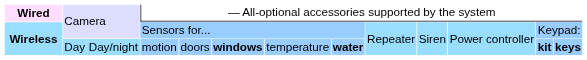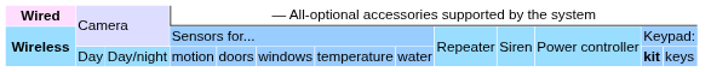 <table BORDER=0 CELLSPACING=1 CELLPADDING=2>
 <tr>
 <th BGCOLOR=FFDDFF>Wired</th>
 <td ROWSPAN=2 COLSPAN=2 BGCOLOR=DDDDFF>Camera</td>
 <td COLSPAN=10 ALIGN=CENTER STYLE="border-left: solid 1px black; border-bottom: solid 1px black">— All-optional accessories supported by the system</td>
 </tr>
 <tr BGCOLOR=99DDFF>
 <th ROWSPAN=2> Wireless </th>
 <td COLSPAN=5 BGCOLOR=99CCFF>Sensors for...</td>
 <td ROWSPAN=2>Repeater</td>
 <td ROWSPAN=2>Siren</td>
 <td ROWSPAN=2>Power controller</td>
 <td COLSPAN=2 BGCOLOR=99CCFF>Keypad:</td>
 </tr>
 <tr BGCOLOR=99CCFF>
 <td BGCOLOR=99DDFF>Day</td>
 <td BGCOLOR=99DDFF>Day/night</td>
 <td>motion</td>
 <td>doors</td>
-<td><strong>windows</strong></td>
+<td>windows</td>
 <td>temperature</td>
-<td><strong>water</strong></td>
+<td>water</td>
 <td><strong>kit</strong></td>
-<td><strong>keys</strong></td>
+<td>keys</td>
 </tr>
 </table>
